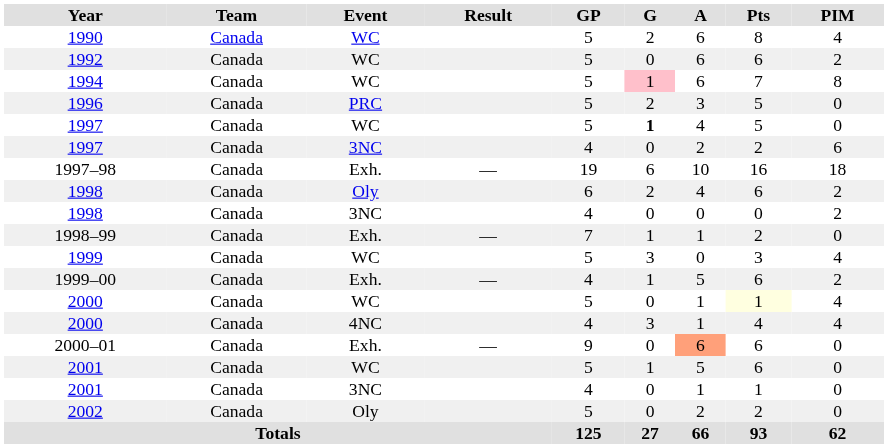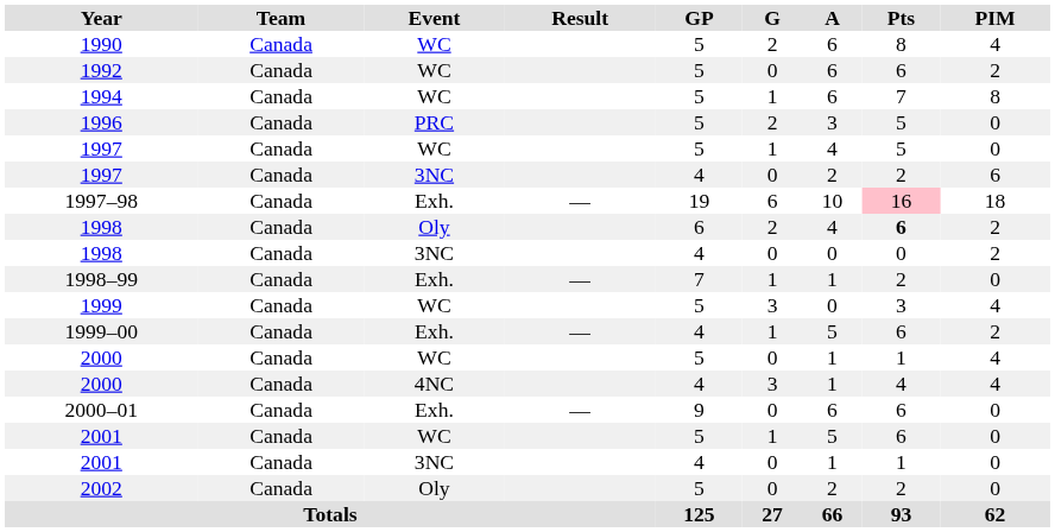 <table border="0" cellpadding="1" cellspacing="0" style="text-align:center; width:50em">
 <tr style="background:#e0e0e0;">
 <th>Year</th>
 <th>Team</th>
 <th>Event</th>
 <th>Result</th>
 <th>GP</th>
 <th>G</th>
 <th>A</th>
 <th>Pts</th>
 <th>PIM</th>
 </tr>
 <tr>
 <td><a href='#'>1990</a></td>
 <td><a href='#'>Canada</a></td>
 <td><a href='#'>WC</a></td>
 <td></td>
 <td>5</td>
 <td>2</td>
 <td>6</td>
 <td>8</td>
 <td>4</td>
 </tr>
 <tr bgcolor="#f0f0f0">
 <td><a href='#'>1992</a></td>
 <td>Canada</td>
 <td>WC</td>
 <td></td>
 <td>5</td>
 <td>0</td>
 <td>6</td>
 <td>6</td>
 <td>2</td>
 </tr>
 <tr>
 <td><a href='#'>1994</a></td>
 <td>Canada</td>
 <td>WC</td>
 <td></td>
 <td>5</td>
-<td style="background: pink;">1</td>
+<td>1</td>
 <td>6</td>
 <td>7</td>
 <td>8</td>
 </tr>
 <tr bgcolor="#f0f0f0">
 <td><a href='#'>1996</a></td>
 <td>Canada</td>
 <td><a href='#'>PRC</a></td>
 <td></td>
 <td>5</td>
 <td>2</td>
 <td>3</td>
 <td>5</td>
 <td>0</td>
 </tr>
 <tr>
 <td><a href='#'>1997</a></td>
 <td>Canada</td>
 <td>WC</td>
 <td></td>
 <td>5</td>
-<td><strong>1</strong></td>
+<td>1</td>
 <td>4</td>
 <td>5</td>
 <td>0</td>
 </tr>
 <tr bgcolor="#f0f0f0">
 <td><a href='#'>1997</a></td>
 <td>Canada</td>
 <td><a href='#'>3NC</a></td>
 <td></td>
 <td>4</td>
 <td>0</td>
 <td>2</td>
 <td>2</td>
 <td>6</td>
 </tr>
 <tr>
 <td>1997–98</td>
 <td>Canada</td>
 <td>Exh.</td>
 <td>—</td>
 <td>19</td>
 <td>6</td>
 <td>10</td>
-<td>16</td>
+<td style="background: pink;">16</td>
 <td>18</td>
 </tr>
 <tr bgcolor="#f0f0f0">
 <td><a href='#'>1998</a></td>
 <td>Canada</td>
 <td><a href='#'>Oly</a></td>
 <td></td>
 <td>6</td>
 <td>2</td>
 <td>4</td>
-<td>6</td>
+<td><strong>6</strong></td>
 <td>2</td>
 </tr>
 <tr>
 <td><a href='#'>1998</a></td>
 <td>Canada</td>
 <td>3NC</td>
 <td></td>
 <td>4</td>
 <td>0</td>
 <td>0</td>
 <td>0</td>
 <td>2</td>
 </tr>
 <tr bgcolor="#f0f0f0">
 <td>1998–99</td>
 <td>Canada</td>
 <td>Exh.</td>
 <td>—</td>
 <td>7</td>
 <td>1</td>
 <td>1</td>
 <td>2</td>
 <td>0</td>
 </tr>
 <tr>
 <td><a href='#'>1999</a></td>
 <td>Canada</td>
 <td>WC</td>
 <td></td>
 <td>5</td>
 <td>3</td>
 <td>0</td>
 <td>3</td>
 <td>4</td>
 </tr>
 <tr bgcolor="#f0f0f0">
 <td>1999–00</td>
 <td>Canada</td>
 <td>Exh.</td>
 <td>—</td>
 <td>4</td>
 <td>1</td>
 <td>5</td>
 <td>6</td>
 <td>2</td>
 </tr>
 <tr>
 <td><a href='#'>2000</a></td>
 <td>Canada</td>
 <td>WC</td>
 <td></td>
 <td>5</td>
 <td>0</td>
 <td>1</td>
-<td style="background: lightyellow;">1</td>
+<td>1</td>
 <td>4</td>
 </tr>
 <tr bgcolor="#f0f0f0">
 <td><a href='#'>2000</a></td>
 <td>Canada</td>
 <td>4NC</td>
 <td></td>
 <td>4</td>
 <td>3</td>
 <td>1</td>
 <td>4</td>
 <td>4</td>
 </tr>
 <tr>
 <td>2000–01</td>
 <td>Canada</td>
 <td>Exh.</td>
 <td>—</td>
 <td>9</td>
 <td>0</td>
-<td style="background: lightsalmon;">6</td>
+<td>6</td>
 <td>6</td>
 <td>0</td>
 </tr>
 <tr bgcolor="#f0f0f0">
 <td><a href='#'>2001</a></td>
 <td>Canada</td>
 <td>WC</td>
 <td></td>
 <td>5</td>
 <td>1</td>
 <td>5</td>
 <td>6</td>
 <td>0</td>
 </tr>
 <tr>
 <td><a href='#'>2001</a></td>
 <td>Canada</td>
 <td>3NC</td>
 <td></td>
 <td>4</td>
 <td>0</td>
 <td>1</td>
 <td>1</td>
 <td>0</td>
 </tr>
 <tr bgcolor="#f0f0f0">
 <td><a href='#'>2002</a></td>
 <td>Canada</td>
 <td>Oly</td>
 <td></td>
 <td>5</td>
 <td>0</td>
 <td>2</td>
 <td>2</td>
 <td>0</td>
 </tr>
 <tr bgcolor="#e0e0e0">
 <th colspan=4>Totals</th>
 <th>125</th>
 <th>27</th>
 <th>66</th>
 <th>93</th>
 <th>62</th>
 </tr>
 </table>
